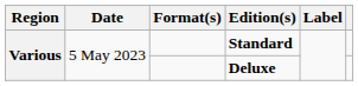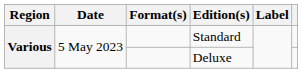 <table class="wikitable plainrowheaders">
 <tr>
 <th scope="col">Region</th>
 <th scope="col">Date</th>
 <th scope="col">Format(s)</th>
 <th scope="col">Edition(s)</th>
 <th scope="col">Label</th>
 <th scope="col"></th>
 </tr>
 <tr>
 <th scope="row" rowspan="2">Various</th>
 <td rowspan="2">5 May 2023</td>
 <td></td>
-<td><strong>Standard</strong></td>
+<td>Standard</td>
 <td rowspan="2"></td>
 <td></td>
 </tr>
 <tr>
 <td></td>
-<td><strong>Deluxe</strong></td>
+<td>Deluxe</td>
 <td></td>
 </tr>
 </table>
